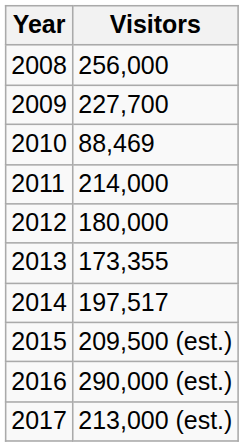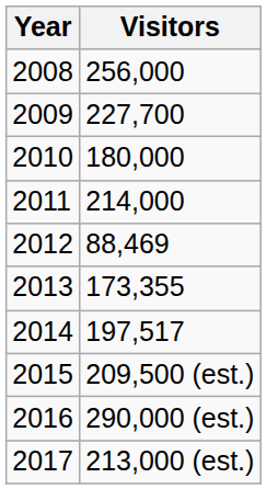 <table class="wikitable" style="float:right">
 <tr>
 <th>Year</th>
 <th>Visitors</th>
 </tr>
 <tr>
 <td>2008</td>
 <td>256,000</td>
 </tr>
 <tr>
 <td>2009</td>
 <td>227,700</td>
 </tr>
 <tr>
 <td>2010</td>
-<td>88,469</td>
+<td>180,000</td>
 </tr>
 <tr>
 <td>2011</td>
 <td>214,000</td>
 </tr>
 <tr>
 <td>2012</td>
-<td>180,000</td>
+<td>88,469</td>
 </tr>
 <tr>
 <td>2013</td>
 <td>173,355</td>
 </tr>
 <tr>
 <td>2014</td>
 <td>197,517</td>
 </tr>
 <tr>
 <td>2015</td>
 <td>209,500 (est.)</td>
 </tr>
 <tr>
 <td>2016</td>
 <td>290,000 (est.)</td>
 </tr>
 <tr>
 <td>2017</td>
 <td>213,000 (est.)</td>
 </tr>
 </table>
